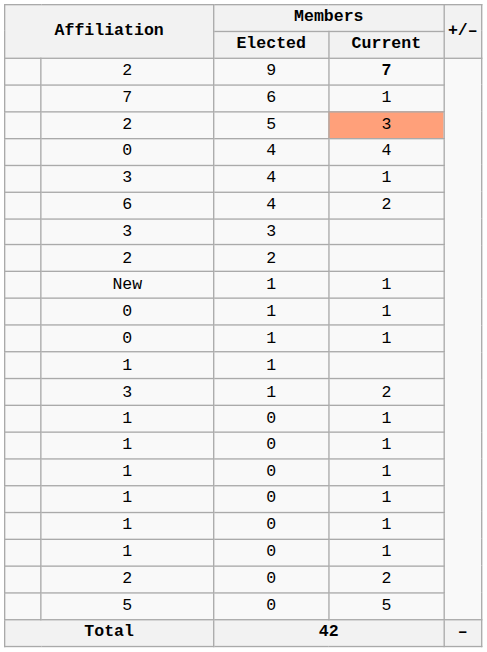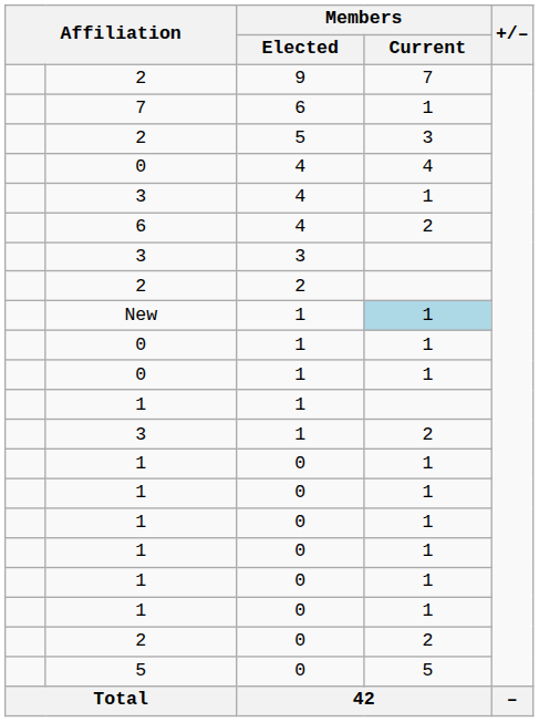 <table class="wikitable" border="1" style="font-size: 95%; text-align: center;">
 <tr>
 <th colspan="2" rowspan="2" class=unsortable style="text-align: center; vertical-align: middle; width: 150px;">Affiliation</th>
 <th colspan="2" style="vertical-align: top;">Members</th>
 <th rowspan="2">+/–</th>
 </tr>
 <tr>
 <th data-sort-type=number style="width: 80px;">Elected</th>
 <th style="width: 80px;">Current</th>
 </tr>
 <tr>
 <td></td>
 <td style="text-align: center;">2</td>
 <td style="text-align: center;">9</td>
-<td><strong>7</strong></td>
+<td>7</td>
 </tr>
 <tr>
 <td></td>
 <td style="text-align: center;">7</td>
 <td style="text-align: center;">6</td>
 <td>1</td>
 </tr>
 <tr>
 <td></td>
 <td style="text-align: center;">2</td>
 <td style="text-align: center;">5</td>
-<td style="background: lightsalmon;">3</td>
+<td>3</td>
 </tr>
 <tr>
 <td></td>
 <td style="text-align: center;">0</td>
 <td style="text-align: center;">4</td>
 <td>4</td>
 </tr>
 <tr>
 <td></td>
 <td style="text-align: center;">3</td>
 <td style="text-align: center;">4</td>
 <td>1</td>
 </tr>
 <tr>
 <td></td>
 <td style="text-align: center;">6</td>
 <td style="text-align: center;">4</td>
 <td>2</td>
 </tr>
 <tr>
 <td></td>
 <td style="text-align: center;">3</td>
 <td style="text-align: center;">3</td>
 <td></td>
 </tr>
 <tr>
 <td></td>
 <td style="text-align: center;">2</td>
 <td style="text-align: center;">2</td>
 <td></td>
 </tr>
 <tr>
 <td></td>
 <td style="text-align: center;">New</td>
 <td style="text-align: center;">1</td>
-<td>1</td>
+<td style="background: lightblue;">1</td>
 </tr>
 <tr>
 <td></td>
 <td style="text-align: center;">0</td>
 <td style="text-align: center;">1</td>
 <td>1</td>
 </tr>
 <tr>
 <td></td>
 <td style="text-align: center;">0</td>
 <td style="text-align: center;">1</td>
 <td>1</td>
 </tr>
 <tr>
 <td></td>
 <td style="text-align: center;">1</td>
 <td style="text-align: center;">1</td>
 <td></td>
 </tr>
 <tr>
 <td></td>
 <td style="text-align: center;">3</td>
 <td style="text-align: center;">1</td>
 <td>2</td>
 </tr>
 <tr>
 <td></td>
 <td style="text-align: center;">1</td>
 <td style="text-align: center;">0</td>
 <td>1</td>
 </tr>
 <tr>
 <td></td>
 <td style="text-align: center;">1</td>
 <td style="text-align: center;">0</td>
 <td>1</td>
 </tr>
 <tr>
 <td></td>
 <td style="text-align: center;">1</td>
 <td style="text-align: center;">0</td>
 <td>1</td>
 </tr>
 <tr>
 <td></td>
 <td style="text-align: center;">1</td>
 <td style="text-align: center;">0</td>
 <td>1</td>
 </tr>
 <tr>
 <td></td>
 <td style="text-align: center;">1</td>
 <td style="text-align: center;">0</td>
 <td>1</td>
 </tr>
 <tr>
 <td></td>
 <td style="text-align: center;">1</td>
 <td style="text-align: center;">0</td>
 <td>1</td>
 </tr>
 <tr>
 <td></td>
 <td style="text-align: center;">2</td>
 <td style="text-align: center;">0</td>
 <td>2</td>
 </tr>
 <tr>
 <td></td>
 <td style="text-align: center;">5</td>
 <td style="text-align: center;">0</td>
 <td>5</td>
 </tr>
 <tr>
 <th colspan="2">Total</th>
 <th colspan="2">42</th>
 <th>–</th>
 </tr>
 </table>
